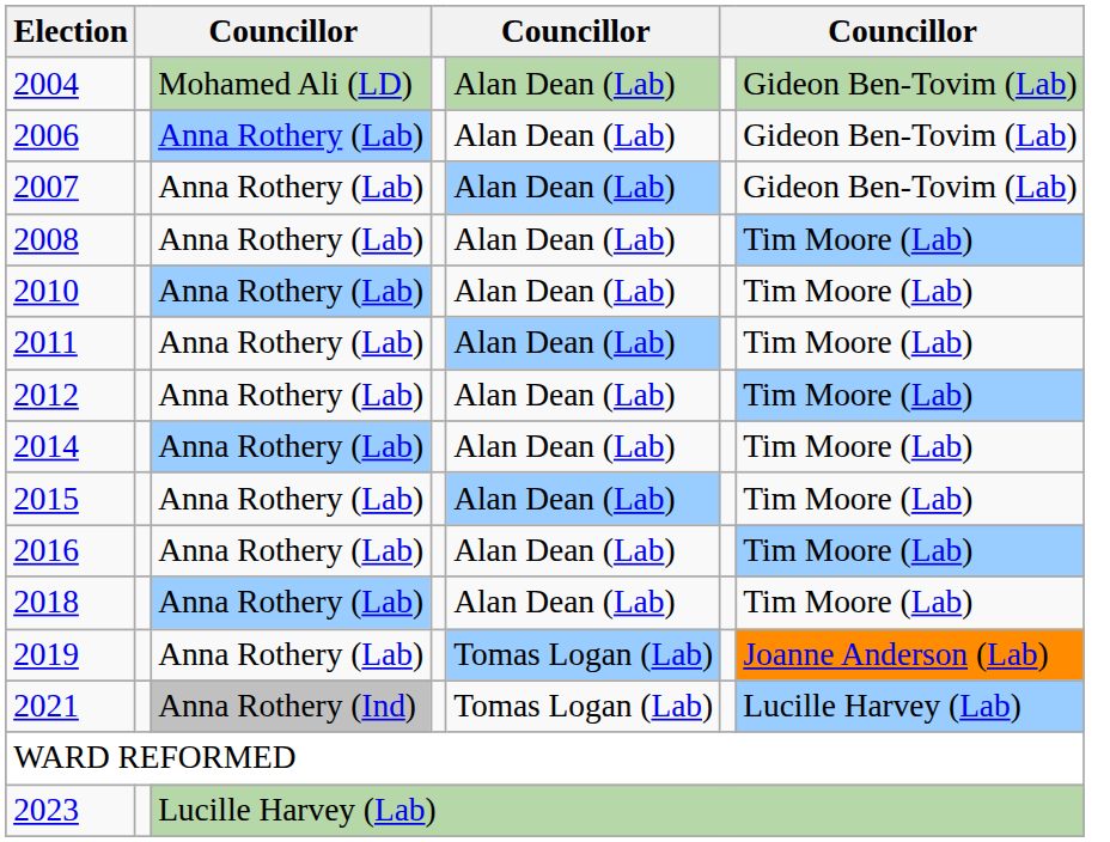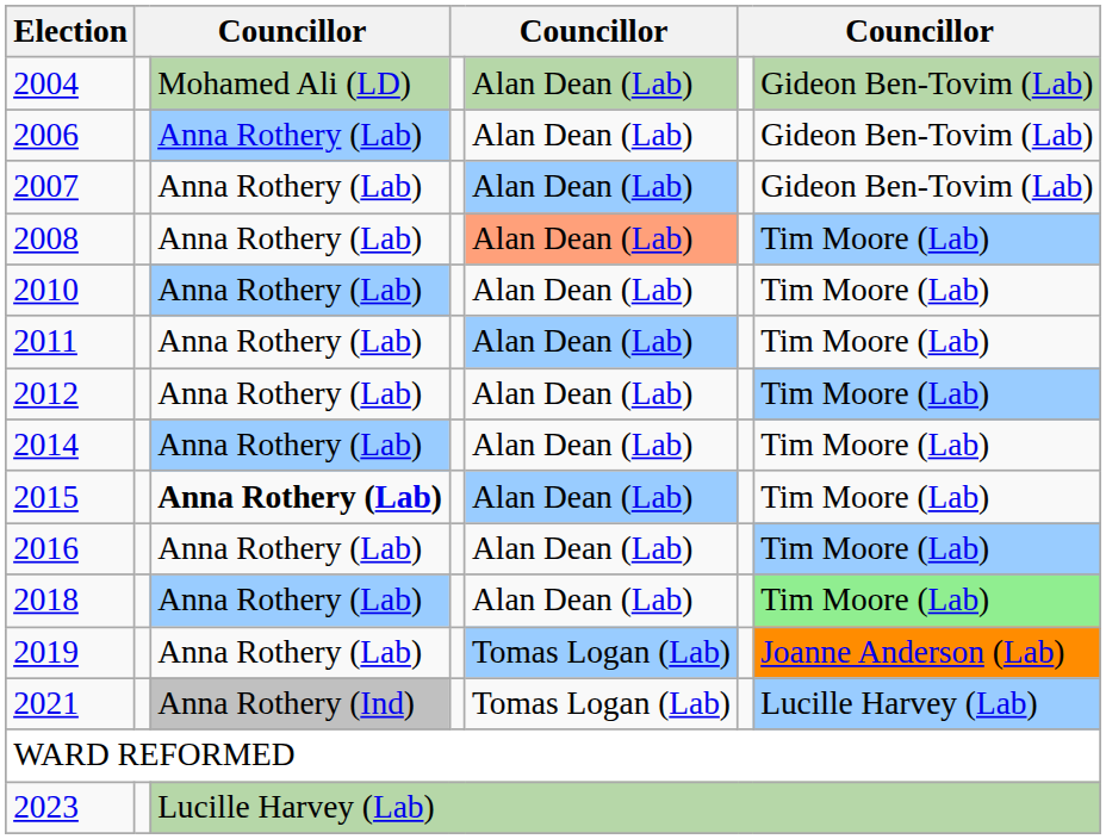 <table class="wikitable">
 <tr>
 <th>Election</th>
 <th colspan="2">Councillor</th>
 <th colspan="2">Councillor</th>
 <th colspan="2">Councillor</th>
 </tr>
 <tr>
 <td><a href='#'>2004</a></td>
 <td style="background-color: "></td>
 <td bgcolor="#B6D7A8">Mohamed Ali (<a href='#'>LD</a>)</td>
 <td style="background-color: "></td>
 <td bgcolor="#B6D7A8">Alan Dean (<a href='#'>Lab</a>)</td>
 <td style="background-color: "></td>
 <td bgcolor="#B6D7A8">Gideon Ben-Tovim (<a href='#'>Lab</a>)</td>
 </tr>
 <tr>
 <td><a href='#'>2006</a></td>
 <td style="background-color: "></td>
 <td bgcolor="#99CCFF"><a href='#'>Anna Rothery</a> (<a href='#'>Lab</a>)</td>
 <td style="background-color: "></td>
 <td>Alan Dean (<a href='#'>Lab</a>)</td>
 <td style="background-color: "></td>
 <td>Gideon Ben-Tovim (<a href='#'>Lab</a>)</td>
 </tr>
 <tr>
 <td><a href='#'>2007</a></td>
 <td style="background-color: "></td>
 <td>Anna Rothery (<a href='#'>Lab</a>)</td>
 <td style="background-color: "></td>
 <td bgcolor="#99CCFF">Alan Dean (<a href='#'>Lab</a>)</td>
 <td style="background-color: "></td>
 <td>Gideon Ben-Tovim (<a href='#'>Lab</a>)</td>
 </tr>
 <tr>
 <td><a href='#'>2008</a></td>
 <td style="background-color: "></td>
 <td>Anna Rothery (<a href='#'>Lab</a>)</td>
 <td style="background-color: "></td>
-<td>Alan Dean (<a href='#'>Lab</a>)</td>
+<td style="background: lightsalmon;">Alan Dean (<a href='#'>Lab</a>)</td>
 <td style="background-color: "></td>
 <td bgcolor="#99CCFF">Tim Moore (<a href='#'>Lab</a>)</td>
 </tr>
 <tr>
 <td><a href='#'>2010</a></td>
 <td style="background-color: "></td>
 <td bgcolor="#99CCFF">Anna Rothery (<a href='#'>Lab</a>)</td>
 <td style="background-color: "></td>
 <td>Alan Dean (<a href='#'>Lab</a>)</td>
 <td style="background-color: "></td>
 <td>Tim Moore (<a href='#'>Lab</a>)</td>
 </tr>
 <tr>
 <td><a href='#'>2011</a></td>
 <td style="background-color: "></td>
 <td>Anna Rothery (<a href='#'>Lab</a>)</td>
 <td style="background-color: "></td>
 <td bgcolor="#99CCFF">Alan Dean (<a href='#'>Lab</a>)</td>
 <td style="background-color: "></td>
 <td>Tim Moore (<a href='#'>Lab</a>)</td>
 </tr>
 <tr>
 <td><a href='#'>2012</a></td>
 <td style="background-color: "></td>
 <td>Anna Rothery (<a href='#'>Lab</a>)</td>
 <td style="background-color: "></td>
 <td>Alan Dean (<a href='#'>Lab</a>)</td>
 <td style="background-color: "></td>
 <td bgcolor="#99CCFF">Tim Moore (<a href='#'>Lab</a>)</td>
 </tr>
 <tr>
 <td><a href='#'>2014</a></td>
 <td style="background-color: "></td>
 <td bgcolor="#99CCFF">Anna Rothery (<a href='#'>Lab</a>)</td>
 <td style="background-color: "></td>
 <td>Alan Dean (<a href='#'>Lab</a>)</td>
 <td style="background-color: "></td>
 <td>Tim Moore (<a href='#'>Lab</a>)</td>
 </tr>
 <tr>
 <td><a href='#'>2015</a></td>
 <td style="background-color: "></td>
-<td>Anna Rothery (<a href='#'>Lab</a>)</td>
+<td><strong>Anna Rothery (<a href='#'>Lab</a>)</strong></td>
 <td style="background-color: "></td>
 <td bgcolor="#99CCFF">Alan Dean (<a href='#'>Lab</a>)</td>
 <td style="background-color: "></td>
 <td>Tim Moore (<a href='#'>Lab</a>)</td>
 </tr>
 <tr>
 <td><a href='#'>2016</a></td>
 <td style="background-color: "></td>
 <td>Anna Rothery (<a href='#'>Lab</a>)</td>
 <td style="background-color: "></td>
 <td>Alan Dean (<a href='#'>Lab</a>)</td>
 <td style="background-color: "></td>
 <td bgcolor="#99CCFF">Tim Moore (<a href='#'>Lab</a>)</td>
 </tr>
 <tr>
 <td><a href='#'>2018</a></td>
 <td style="background-color: "></td>
 <td bgcolor="#99CCFF">Anna Rothery (<a href='#'>Lab</a>)</td>
 <td style="background-color: "></td>
 <td>Alan Dean (<a href='#'>Lab</a>)</td>
 <td style="background-color: "></td>
-<td>Tim Moore (<a href='#'>Lab</a>)</td>
+<td style="background: lightgreen;">Tim Moore (<a href='#'>Lab</a>)</td>
 </tr>
 <tr>
 <td><a href='#'>2019</a></td>
 <td style="background-color: "></td>
 <td>Anna Rothery (<a href='#'>Lab</a>)</td>
 <td style="background-color: "></td>
 <td bgcolor="#99CCFF">Tomas Logan (<a href='#'>Lab</a>)</td>
 <td style="background-color: "></td>
 <td bgcolor="#FF8C00"><a href='#'>Joanne Anderson</a> (<a href='#'>Lab</a>)</td>
 </tr>
 <tr>
 <td><a href='#'>2021</a></td>
 <td style="background-color: "></td>
 <td bgcolor="#C0C0C0">Anna Rothery (<a href='#'>Ind</a>)</td>
 <td style="background-color: "></td>
 <td>Tomas Logan (<a href='#'>Lab</a>)</td>
 <td style="background-color: "></td>
 <td bgcolor="#99CCFF">Lucille Harvey (<a href='#'>Lab</a>)</td>
 </tr>
 <tr>
 <td colspan="8" bgcolor="#FFF"><div>WARD REFORMED</div></td>
 </tr>
 <tr>
 <td><a href='#'>2023</a></td>
 <td style="background-color: "></td>
 <td colspan="6" bgcolor="#B6D7A8">Lucille Harvey (<a href='#'>Lab</a>)</td>
 </tr>
 </table>
